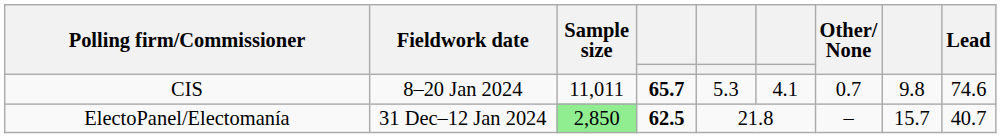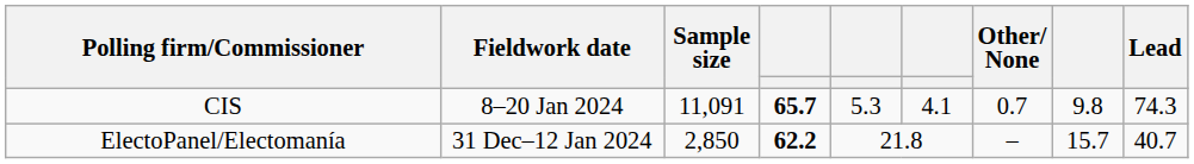 <table class="wikitable collapsible collapsed" style="text-align:center; font-size:90%; line-height:14px;">
 <tr style="height:42px;">
 <th style="width:250px;" rowspan="2">Polling firm/Commissioner</th>
 <th style="width:125px;" rowspan="2">Fieldwork date</th>
 <th style="width:50px;" rowspan="2">Sample size</th>
 <th style="width:35px;"></th>
 <th style="width:35px;"></th>
 <th style="width:35px;"></th>
 <th style="width:35px;" rowspan="2">Other/<br>None</th>
 <th style="width:35px;" rowspan="2"></th>
 <th style="width:30px;" rowspan="2">Lead</th>
 </tr>
 <tr>
 <th style="color:inherit;background:"></th>
 <th style="color:inherit;background:"></th>
 <th style="color:inherit;background:"></th>
 </tr>
 <tr>
 <td>CIS</td>
 <td>8–20 Jan 2024</td>
-<td>11,011</td>
+<td>11,091</td>
 <td><strong>65.7</strong></td>
 <td>5.3</td>
 <td>4.1</td>
 <td>0.7</td>
 <td>9.8</td>
-<td style="background:">74.6</td>
+<td style="background:">74.3</td>
 </tr>
 <tr>
 <td>ElectoPanel/Electomanía</td>
 <td>31 Dec–12 Jan 2024</td>
-<td style="background: lightgreen;">2,850</td>
-<td><strong>62.5</strong></td>
+<td>2,850</td>
+<td><strong>62.2</strong></td>
 <td colspan="2">21.8</td>
 <td>–</td>
 <td>15.7</td>
 <td style="background:">40.7</td>
 </tr>
 </table>
